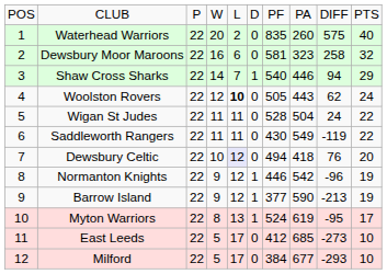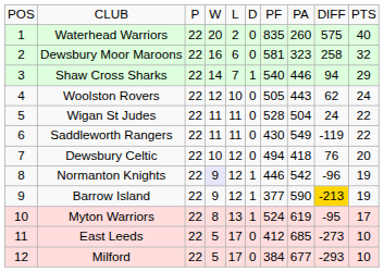 <table class="wikitable" style="text-align: center;">
 <tr>
 <td>POS</td>
 <td>CLUB</td>
 <td>P</td>
 <td>W</td>
 <td>L</td>
 <td>D</td>
 <td>PF</td>
 <td>PA</td>
 <td>DIFF</td>
 <td>PTS</td>
 </tr>
 <tr style="background:#ddffdd;">
 <td>1</td>
 <td>Waterhead Warriors</td>
 <td>22</td>
 <td>20</td>
 <td>2</td>
 <td>0</td>
 <td>835</td>
 <td>260</td>
 <td>575</td>
 <td>40</td>
 </tr>
 <tr style="background:#ddffdd;">
 <td>2</td>
 <td>Dewsbury Moor Maroons</td>
 <td>22</td>
 <td>16</td>
 <td>6</td>
 <td>0</td>
 <td>581</td>
 <td>323</td>
 <td>258</td>
 <td>32</td>
 </tr>
 <tr style="background:#ddffdd;">
 <td>3</td>
 <td>Shaw Cross Sharks</td>
 <td>22</td>
 <td>14</td>
 <td>7</td>
 <td>1</td>
 <td>540</td>
 <td>446</td>
 <td>94</td>
 <td>29</td>
 </tr>
 <tr>
 <td>4</td>
 <td>Woolston Rovers</td>
 <td>22</td>
 <td>12</td>
-<td><strong>10</strong></td>
+<td>10</td>
 <td>0</td>
 <td>505</td>
 <td>443</td>
 <td>62</td>
 <td>24</td>
 </tr>
 <tr>
 <td>5</td>
 <td>Wigan St Judes</td>
 <td>22</td>
 <td>11</td>
 <td>11</td>
 <td>0</td>
 <td>528</td>
 <td>504</td>
 <td>24</td>
 <td>22</td>
 </tr>
 <tr>
 <td>6</td>
 <td>Saddleworth Rangers</td>
 <td>22</td>
 <td>11</td>
 <td>11</td>
 <td>0</td>
 <td>430</td>
 <td>549</td>
 <td>-119</td>
 <td>22</td>
 </tr>
 <tr>
 <td>7</td>
 <td>Dewsbury Celtic</td>
 <td>22</td>
 <td>10</td>
-<td style="background: lavender;">12</td>
+<td>12</td>
 <td>0</td>
 <td>494</td>
 <td>418</td>
 <td>76</td>
 <td>20</td>
 </tr>
 <tr>
 <td>8</td>
 <td>Normanton Knights</td>
 <td>22</td>
-<td>9</td>
+<td style="background: lavender;">9</td>
 <td>12</td>
 <td>1</td>
 <td>446</td>
 <td>542</td>
 <td>-96</td>
 <td>19</td>
 </tr>
 <tr>
 <td>9</td>
 <td>Barrow Island</td>
 <td>22</td>
 <td>9</td>
 <td>12</td>
 <td>1</td>
 <td>377</td>
 <td>590</td>
-<td>-213</td>
+<td style="background: gold;">-213</td>
 <td>19</td>
 </tr>
 <tr style="background:#ffdddd;">
 <td>10</td>
 <td>Myton Warriors</td>
 <td>22</td>
 <td>8</td>
 <td>13</td>
 <td>1</td>
 <td>524</td>
 <td>619</td>
 <td>-95</td>
 <td>17</td>
 </tr>
 <tr style="background:#ffdddd;">
 <td>11</td>
 <td>East Leeds</td>
 <td>22</td>
 <td>5</td>
 <td>17</td>
 <td>0</td>
 <td>412</td>
 <td>685</td>
 <td>-273</td>
 <td>10</td>
 </tr>
 <tr style="background:#ffdddd;">
 <td>12</td>
 <td>Milford</td>
 <td>22</td>
 <td>5</td>
 <td>17</td>
 <td>0</td>
 <td>384</td>
 <td>677</td>
 <td>-293</td>
 <td>10</td>
 </tr>
 </table>
